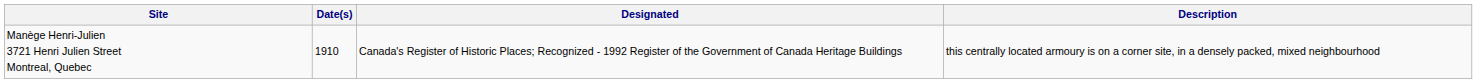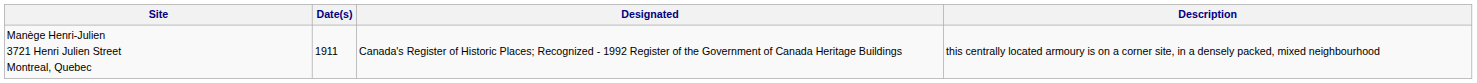 <table class="wikitable sortable" style="font-size:90%;width:100%;border:0px;text-align:left;line-height:150%;">
 <tr>
 <th style="background: #f2f2f2; color: #000080" width="21%">Site</th>
 <th style="background: #f2f2f2; color: #000080">Date(s)</th>
 <th style="background: #f2f2f2; color: #000080">Designated</th>
 <th style="background: #f2f2f2; color: #000080" width="36%" class="unsortable">Description</th>
 </tr>
 <tr>
 <td>Manège Henri-Julien<br> 3721 Henri Julien Street<br> Montreal, Quebec</td>
-<td>1910</td>
+<td>1911</td>
 <td>Canada's Register of Historic Places; Recognized - 1992 Register of the Government of Canada Heritage Buildings</td>
 <td>this centrally located armoury is on a corner site, in a densely packed, mixed neighbourhood</td>
 </tr>
 <tr>
 </tr>
 </table>
